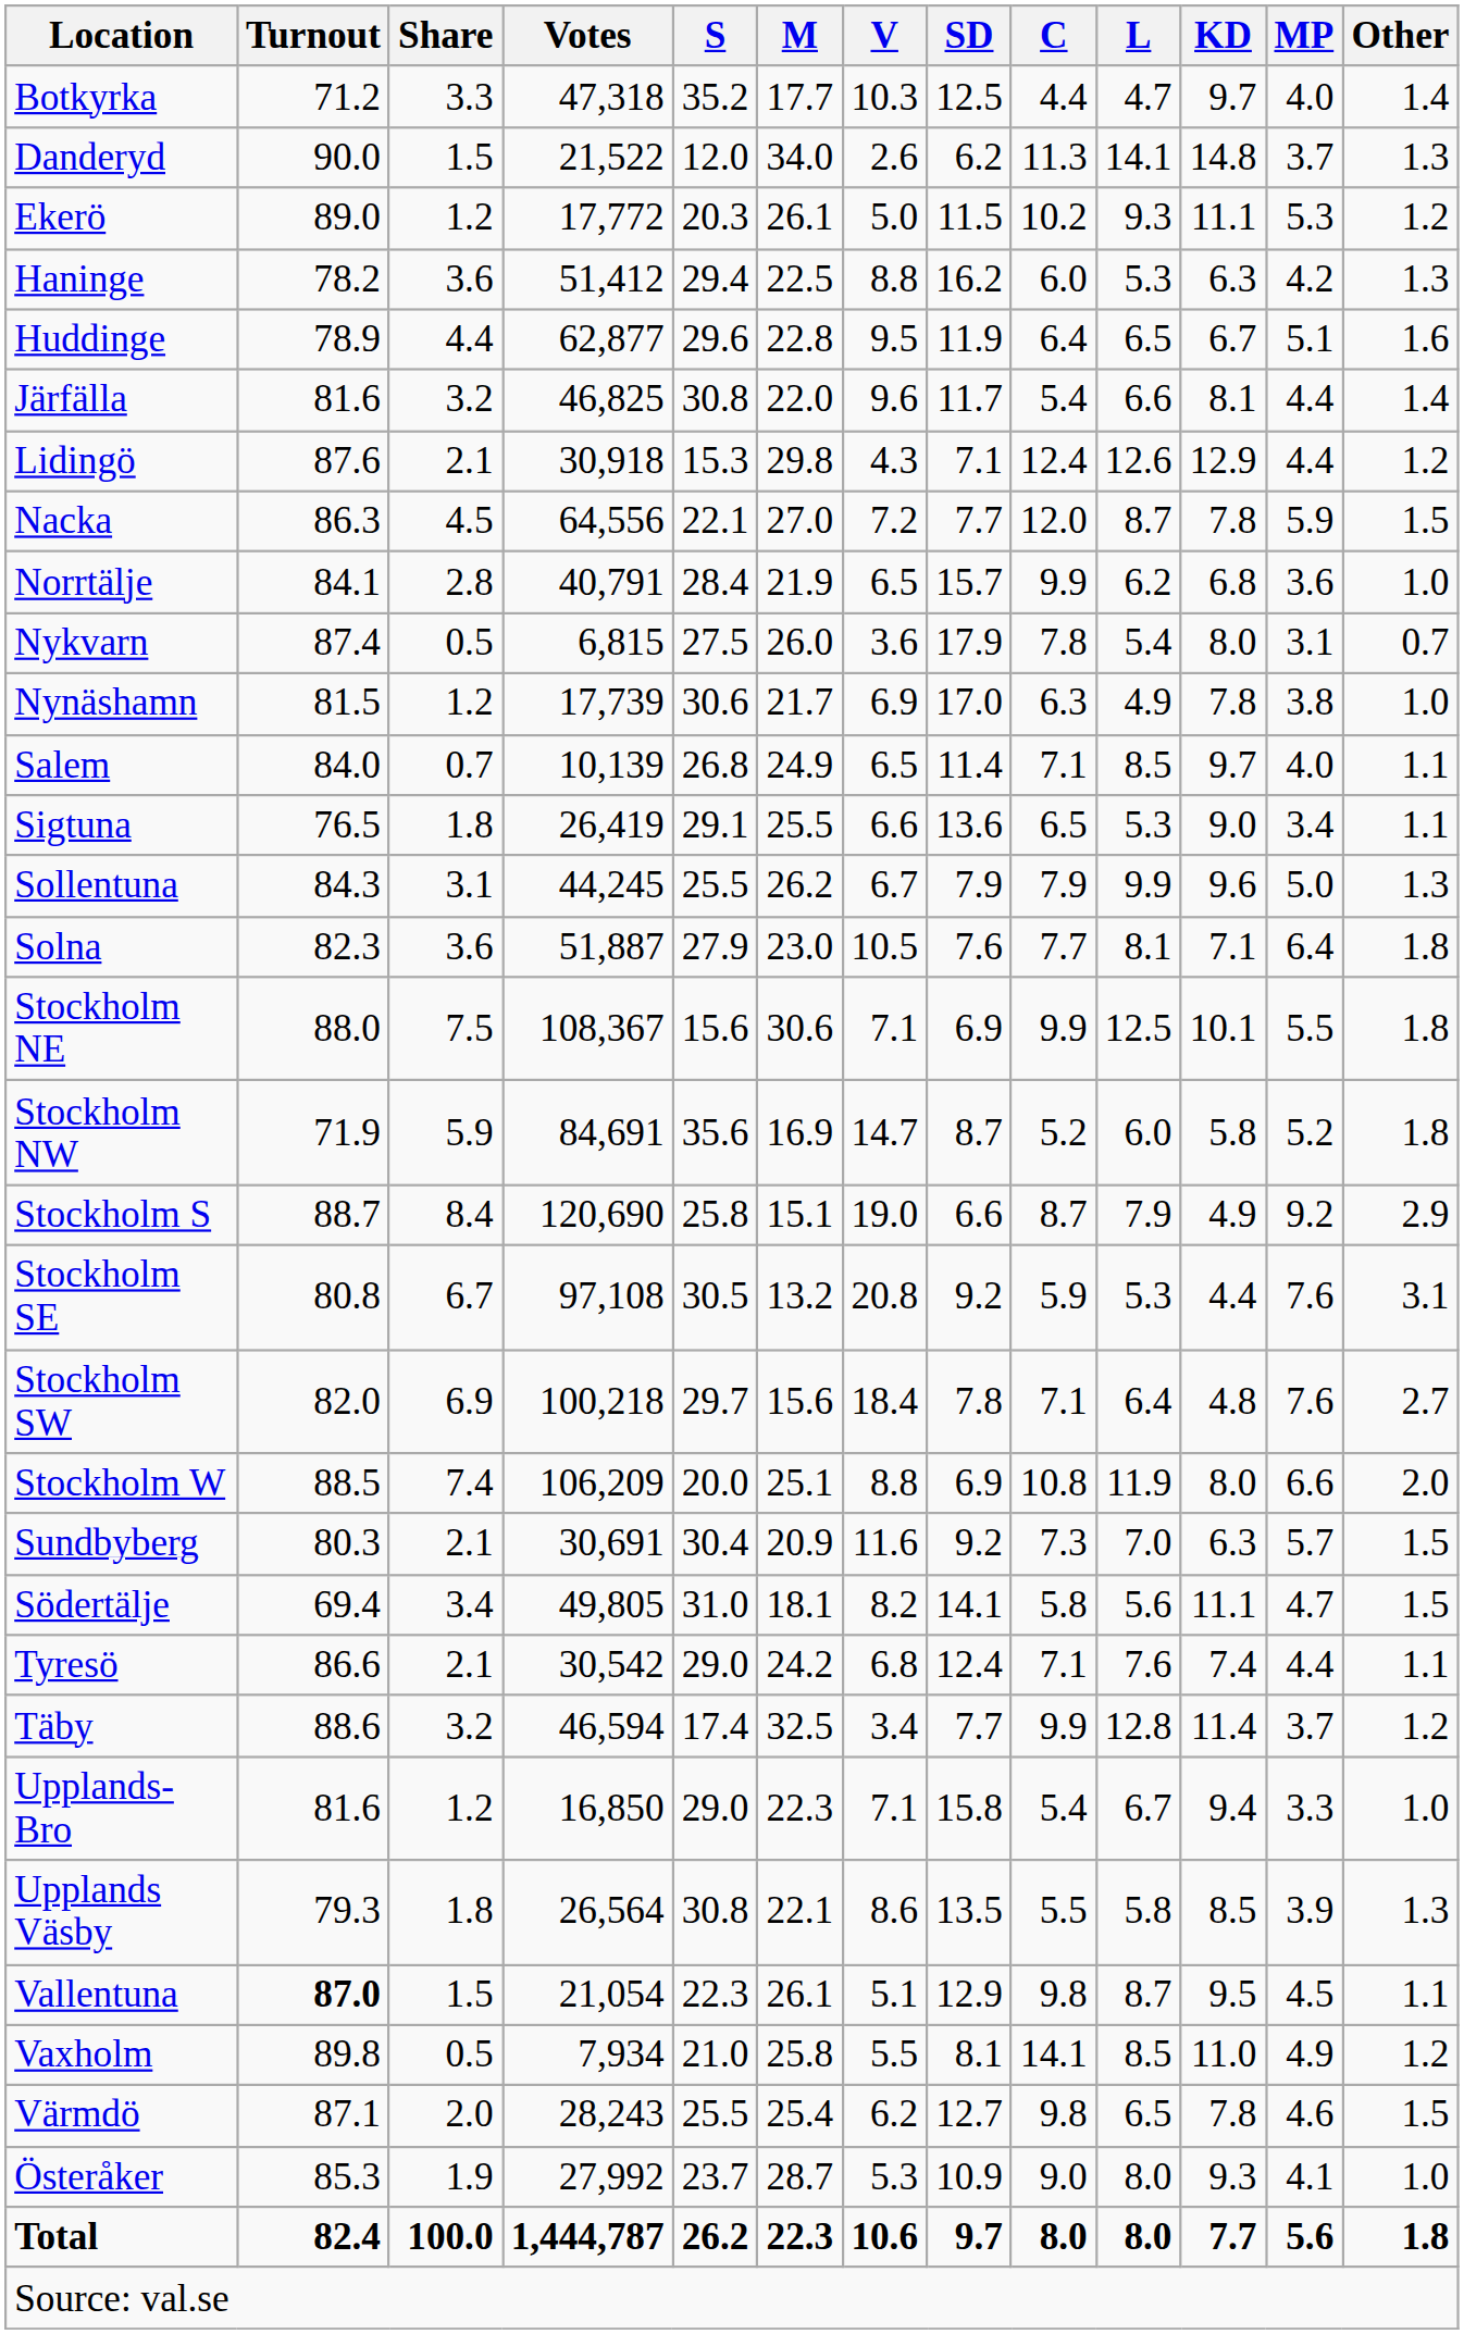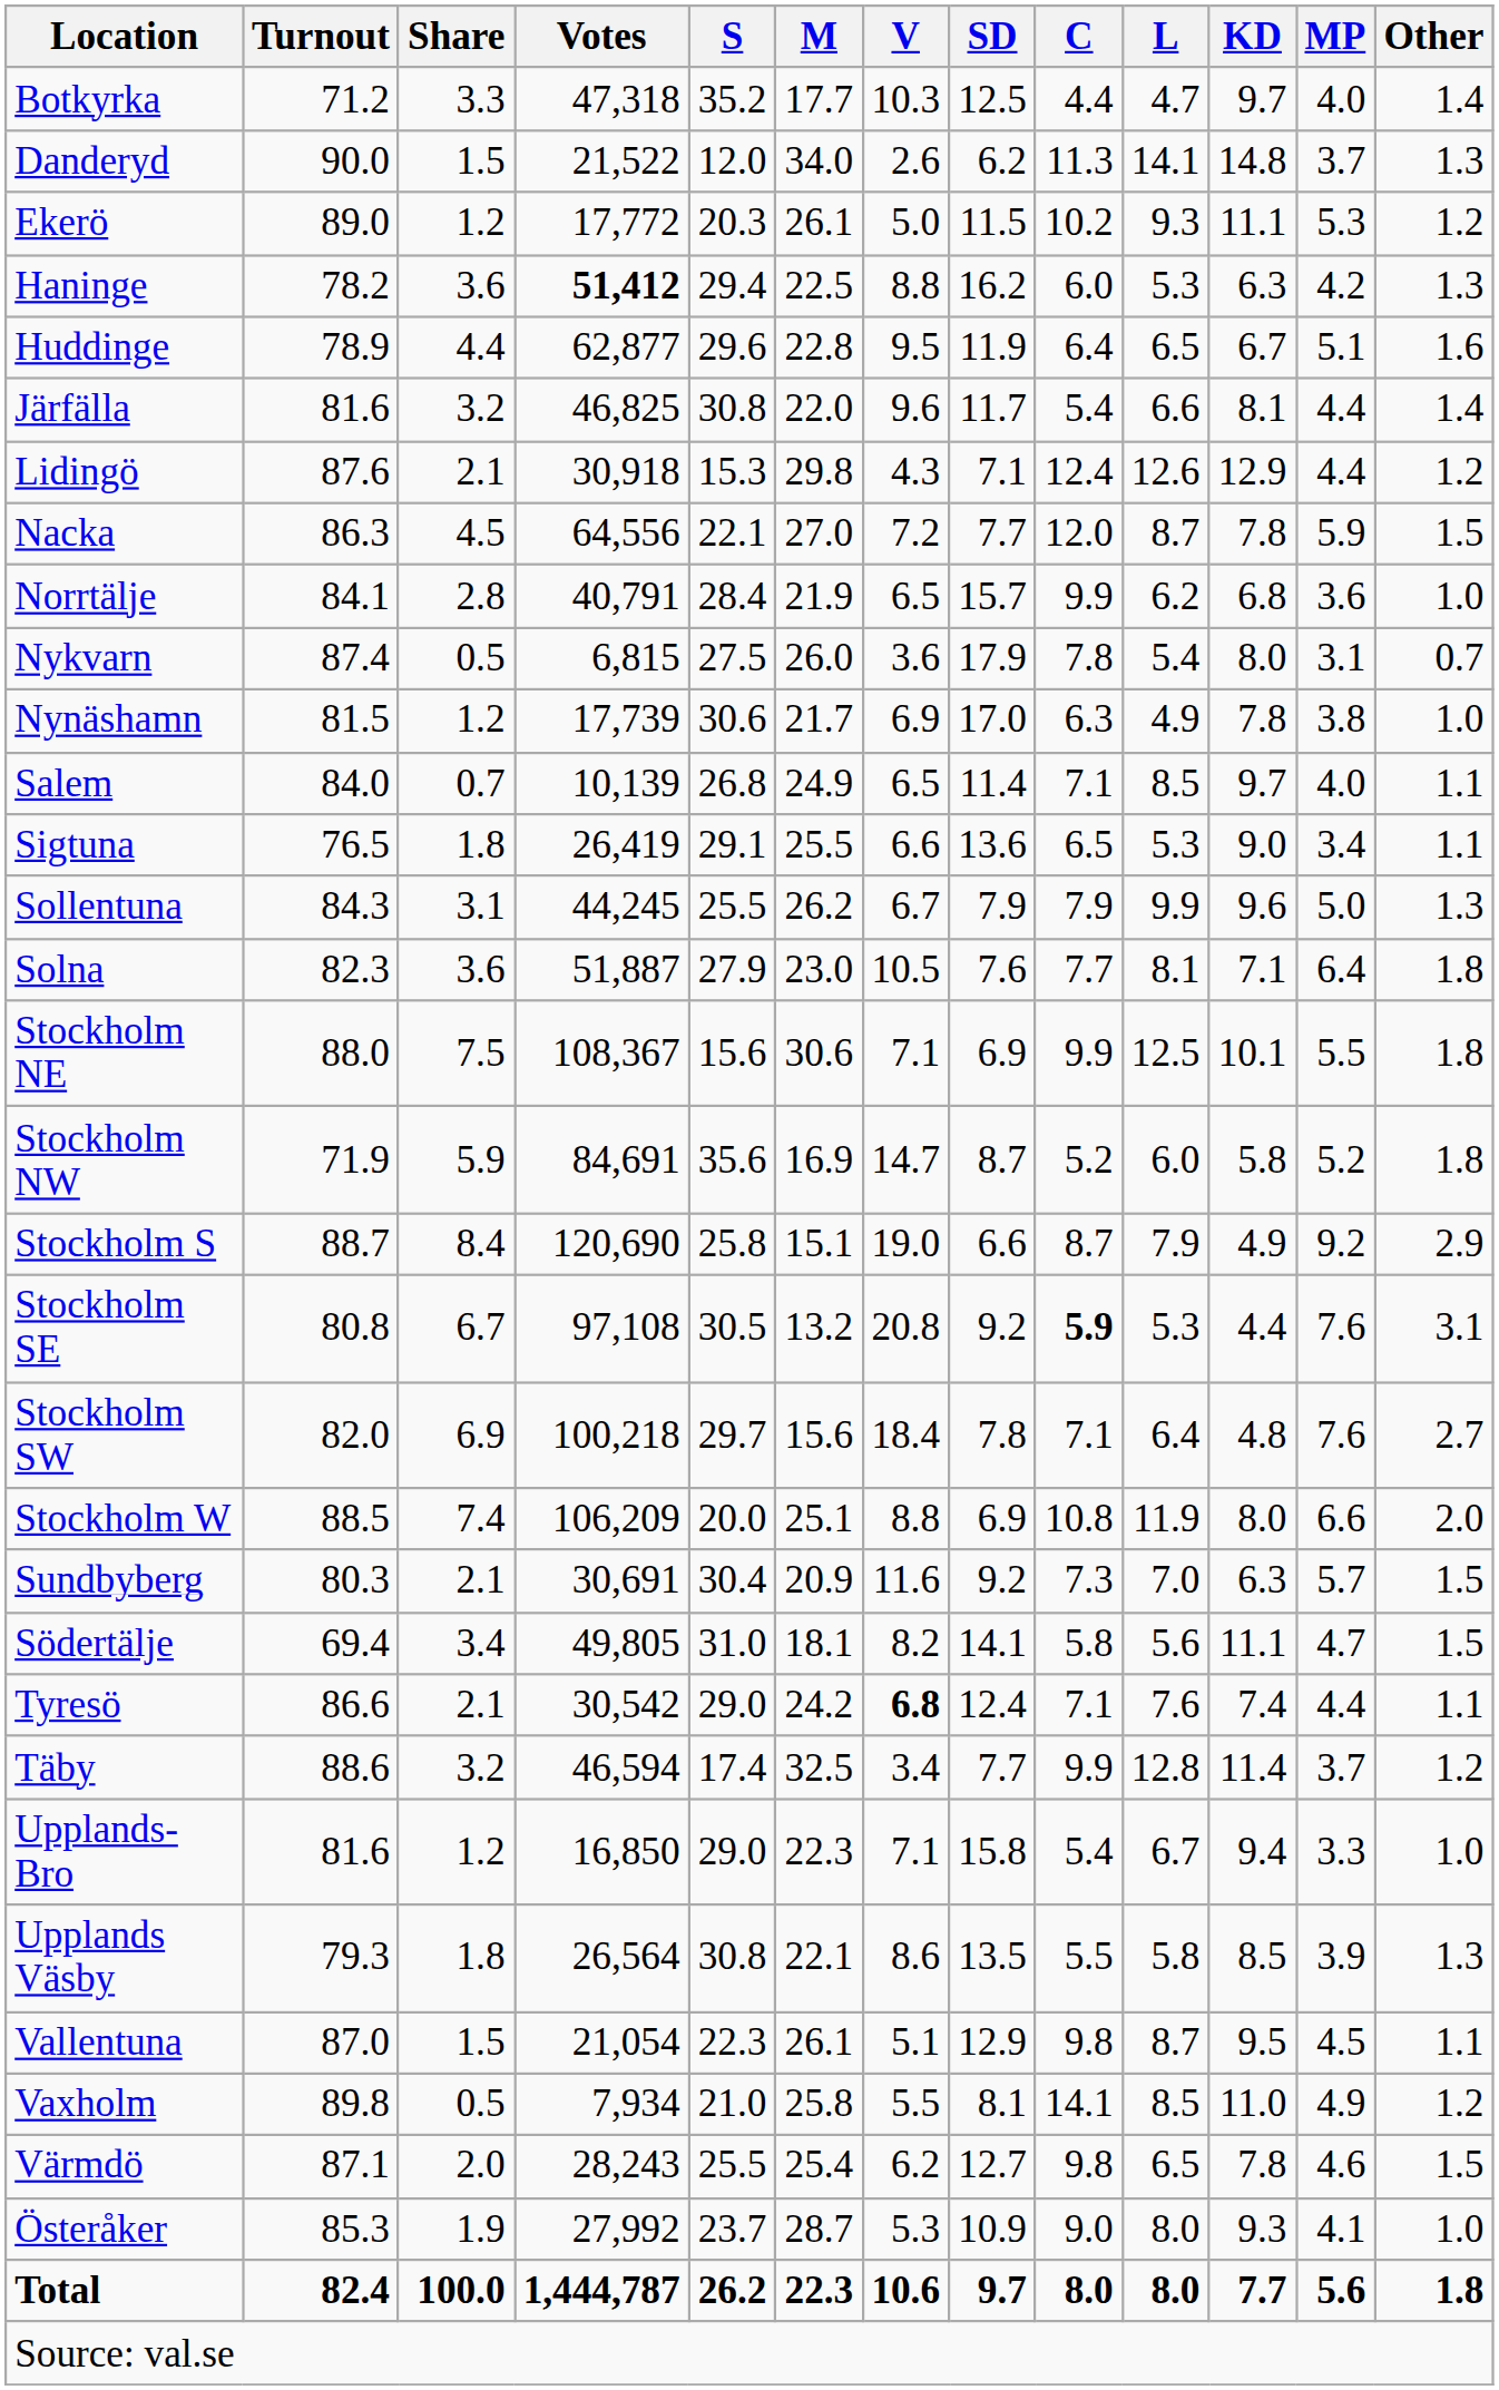 <table class="wikitable sortable" style=text-align:right>
 <tr>
 <th>Location</th>
 <th>Turnout</th>
 <th>Share</th>
 <th>Votes</th>
 <th><a href='#'>S</a></th>
 <th><a href='#'>M</a></th>
 <th><a href='#'>V</a></th>
 <th><a href='#'>SD</a></th>
 <th><a href='#'>C</a></th>
 <th><a href='#'>L</a></th>
 <th><a href='#'>KD</a></th>
 <th><a href='#'>MP</a></th>
 <th>Other</th>
 </tr>
 <tr>
 <td align=left><a href='#'>Botkyrka</a></td>
 <td>71.2</td>
 <td>3.3</td>
 <td>47,318</td>
 <td>35.2</td>
 <td>17.7</td>
 <td>10.3</td>
 <td>12.5</td>
 <td>4.4</td>
 <td>4.7</td>
 <td>9.7</td>
 <td>4.0</td>
 <td>1.4</td>
 </tr>
 <tr>
 <td align=left><a href='#'>Danderyd</a></td>
 <td>90.0</td>
 <td>1.5</td>
 <td>21,522</td>
 <td>12.0</td>
 <td>34.0</td>
 <td>2.6</td>
 <td>6.2</td>
 <td>11.3</td>
 <td>14.1</td>
 <td>14.8</td>
 <td>3.7</td>
 <td>1.3</td>
 </tr>
 <tr>
 <td align=left><a href='#'>Ekerö</a></td>
 <td>89.0</td>
 <td>1.2</td>
 <td>17,772</td>
 <td>20.3</td>
 <td>26.1</td>
 <td>5.0</td>
 <td>11.5</td>
 <td>10.2</td>
 <td>9.3</td>
 <td>11.1</td>
 <td>5.3</td>
 <td>1.2</td>
 </tr>
 <tr>
 <td align=left><a href='#'>Haninge</a></td>
 <td>78.2</td>
 <td>3.6</td>
-<td>51,412</td>
+<td><strong>51,412</strong></td>
 <td>29.4</td>
 <td>22.5</td>
 <td>8.8</td>
 <td>16.2</td>
 <td>6.0</td>
 <td>5.3</td>
 <td>6.3</td>
 <td>4.2</td>
 <td>1.3</td>
 </tr>
 <tr>
 <td align=left><a href='#'>Huddinge</a></td>
 <td>78.9</td>
 <td>4.4</td>
 <td>62,877</td>
 <td>29.6</td>
 <td>22.8</td>
 <td>9.5</td>
 <td>11.9</td>
 <td>6.4</td>
 <td>6.5</td>
 <td>6.7</td>
 <td>5.1</td>
 <td>1.6</td>
 </tr>
 <tr>
 <td align=left><a href='#'>Järfälla</a></td>
 <td>81.6</td>
 <td>3.2</td>
 <td>46,825</td>
 <td>30.8</td>
 <td>22.0</td>
 <td>9.6</td>
 <td>11.7</td>
 <td>5.4</td>
 <td>6.6</td>
 <td>8.1</td>
 <td>4.4</td>
 <td>1.4</td>
 </tr>
 <tr>
 <td align=left><a href='#'>Lidingö</a></td>
 <td>87.6</td>
 <td>2.1</td>
 <td>30,918</td>
 <td>15.3</td>
 <td>29.8</td>
 <td>4.3</td>
 <td>7.1</td>
 <td>12.4</td>
 <td>12.6</td>
 <td>12.9</td>
 <td>4.4</td>
 <td>1.2</td>
 </tr>
 <tr>
 <td align=left><a href='#'>Nacka</a></td>
 <td>86.3</td>
 <td>4.5</td>
 <td>64,556</td>
 <td>22.1</td>
 <td>27.0</td>
 <td>7.2</td>
 <td>7.7</td>
 <td>12.0</td>
 <td>8.7</td>
 <td>7.8</td>
 <td>5.9</td>
 <td>1.5</td>
 </tr>
 <tr>
 <td align=left><a href='#'>Norrtälje</a></td>
 <td>84.1</td>
 <td>2.8</td>
 <td>40,791</td>
 <td>28.4</td>
 <td>21.9</td>
 <td>6.5</td>
 <td>15.7</td>
 <td>9.9</td>
 <td>6.2</td>
 <td>6.8</td>
 <td>3.6</td>
 <td>1.0</td>
 </tr>
 <tr>
 <td align=left><a href='#'>Nykvarn</a></td>
 <td>87.4</td>
 <td>0.5</td>
 <td>6,815</td>
 <td>27.5</td>
 <td>26.0</td>
 <td>3.6</td>
 <td>17.9</td>
 <td>7.8</td>
 <td>5.4</td>
 <td>8.0</td>
 <td>3.1</td>
 <td>0.7</td>
 </tr>
 <tr>
 <td align=left><a href='#'>Nynäshamn</a></td>
 <td>81.5</td>
 <td>1.2</td>
 <td>17,739</td>
 <td>30.6</td>
 <td>21.7</td>
 <td>6.9</td>
 <td>17.0</td>
 <td>6.3</td>
 <td>4.9</td>
 <td>7.8</td>
 <td>3.8</td>
 <td>1.0</td>
 </tr>
 <tr>
 <td align=left><a href='#'>Salem</a></td>
 <td>84.0</td>
 <td>0.7</td>
 <td>10,139</td>
 <td>26.8</td>
 <td>24.9</td>
 <td>6.5</td>
 <td>11.4</td>
 <td>7.1</td>
 <td>8.5</td>
 <td>9.7</td>
 <td>4.0</td>
 <td>1.1</td>
 </tr>
 <tr>
 <td align=left><a href='#'>Sigtuna</a></td>
 <td>76.5</td>
 <td>1.8</td>
 <td>26,419</td>
 <td>29.1</td>
 <td>25.5</td>
 <td>6.6</td>
 <td>13.6</td>
 <td>6.5</td>
 <td>5.3</td>
 <td>9.0</td>
 <td>3.4</td>
 <td>1.1</td>
 </tr>
 <tr>
 <td align=left><a href='#'>Sollentuna</a></td>
 <td>84.3</td>
 <td>3.1</td>
 <td>44,245</td>
 <td>25.5</td>
 <td>26.2</td>
 <td>6.7</td>
 <td>7.9</td>
 <td>7.9</td>
 <td>9.9</td>
 <td>9.6</td>
 <td>5.0</td>
 <td>1.3</td>
 </tr>
 <tr>
 <td align=left><a href='#'>Solna</a></td>
 <td>82.3</td>
 <td>3.6</td>
 <td>51,887</td>
 <td>27.9</td>
 <td>23.0</td>
 <td>10.5</td>
 <td>7.6</td>
 <td>7.7</td>
 <td>8.1</td>
 <td>7.1</td>
 <td>6.4</td>
 <td>1.8</td>
 </tr>
 <tr>
 <td align=left><a href='#'>Stockholm NE</a></td>
 <td>88.0</td>
 <td>7.5</td>
 <td>108,367</td>
 <td>15.6</td>
 <td>30.6</td>
 <td>7.1</td>
 <td>6.9</td>
 <td>9.9</td>
 <td>12.5</td>
 <td>10.1</td>
 <td>5.5</td>
 <td>1.8</td>
 </tr>
 <tr>
 <td align=left><a href='#'>Stockholm NW</a></td>
 <td>71.9</td>
 <td>5.9</td>
 <td>84,691</td>
 <td>35.6</td>
 <td>16.9</td>
 <td>14.7</td>
 <td>8.7</td>
 <td>5.2</td>
 <td>6.0</td>
 <td>5.8</td>
 <td>5.2</td>
 <td>1.8</td>
 </tr>
 <tr>
 <td align=left><a href='#'>Stockholm S</a></td>
 <td>88.7</td>
 <td>8.4</td>
 <td>120,690</td>
 <td>25.8</td>
 <td>15.1</td>
 <td>19.0</td>
 <td>6.6</td>
 <td>8.7</td>
 <td>7.9</td>
 <td>4.9</td>
 <td>9.2</td>
 <td>2.9</td>
 </tr>
 <tr>
 <td align=left><a href='#'>Stockholm SE</a></td>
 <td>80.8</td>
 <td>6.7</td>
 <td>97,108</td>
 <td>30.5</td>
 <td>13.2</td>
 <td>20.8</td>
 <td>9.2</td>
-<td>5.9</td>
+<td><strong>5.9</strong></td>
 <td>5.3</td>
 <td>4.4</td>
 <td>7.6</td>
 <td>3.1</td>
 </tr>
 <tr>
 <td align=left><a href='#'>Stockholm SW</a></td>
 <td>82.0</td>
 <td>6.9</td>
 <td>100,218</td>
 <td>29.7</td>
 <td>15.6</td>
 <td>18.4</td>
 <td>7.8</td>
 <td>7.1</td>
 <td>6.4</td>
 <td>4.8</td>
 <td>7.6</td>
 <td>2.7</td>
 </tr>
 <tr>
 <td align=left><a href='#'>Stockholm W</a></td>
 <td>88.5</td>
 <td>7.4</td>
 <td>106,209</td>
 <td>20.0</td>
 <td>25.1</td>
 <td>8.8</td>
 <td>6.9</td>
 <td>10.8</td>
 <td>11.9</td>
 <td>8.0</td>
 <td>6.6</td>
 <td>2.0</td>
 </tr>
 <tr>
 <td align=left><a href='#'>Sundbyberg</a></td>
 <td>80.3</td>
 <td>2.1</td>
 <td>30,691</td>
 <td>30.4</td>
 <td>20.9</td>
 <td>11.6</td>
 <td>9.2</td>
 <td>7.3</td>
 <td>7.0</td>
 <td>6.3</td>
 <td>5.7</td>
 <td>1.5</td>
 </tr>
 <tr>
 <td align=left><a href='#'>Södertälje</a></td>
 <td>69.4</td>
 <td>3.4</td>
 <td>49,805</td>
 <td>31.0</td>
 <td>18.1</td>
 <td>8.2</td>
 <td>14.1</td>
 <td>5.8</td>
 <td>5.6</td>
 <td>11.1</td>
 <td>4.7</td>
 <td>1.5</td>
 </tr>
 <tr>
 <td align=left><a href='#'>Tyresö</a></td>
 <td>86.6</td>
 <td>2.1</td>
 <td>30,542</td>
 <td>29.0</td>
 <td>24.2</td>
-<td>6.8</td>
+<td><strong>6.8</strong></td>
 <td>12.4</td>
 <td>7.1</td>
 <td>7.6</td>
 <td>7.4</td>
 <td>4.4</td>
 <td>1.1</td>
 </tr>
 <tr>
 <td align=left><a href='#'>Täby</a></td>
 <td>88.6</td>
 <td>3.2</td>
 <td>46,594</td>
 <td>17.4</td>
 <td>32.5</td>
 <td>3.4</td>
 <td>7.7</td>
 <td>9.9</td>
 <td>12.8</td>
 <td>11.4</td>
 <td>3.7</td>
 <td>1.2</td>
 </tr>
 <tr>
 <td align=left><a href='#'>Upplands-Bro</a></td>
 <td>81.6</td>
 <td>1.2</td>
 <td>16,850</td>
 <td>29.0</td>
 <td>22.3</td>
 <td>7.1</td>
 <td>15.8</td>
 <td>5.4</td>
 <td>6.7</td>
 <td>9.4</td>
 <td>3.3</td>
 <td>1.0</td>
 </tr>
 <tr>
 <td align=left><a href='#'>Upplands Väsby</a></td>
 <td>79.3</td>
 <td>1.8</td>
 <td>26,564</td>
 <td>30.8</td>
 <td>22.1</td>
 <td>8.6</td>
 <td>13.5</td>
 <td>5.5</td>
 <td>5.8</td>
 <td>8.5</td>
 <td>3.9</td>
 <td>1.3</td>
 </tr>
 <tr>
 <td align=left><a href='#'>Vallentuna</a></td>
-<td><strong>87.0</strong></td>
+<td>87.0</td>
 <td>1.5</td>
 <td>21,054</td>
 <td>22.3</td>
 <td>26.1</td>
 <td>5.1</td>
 <td>12.9</td>
 <td>9.8</td>
 <td>8.7</td>
 <td>9.5</td>
 <td>4.5</td>
 <td>1.1</td>
 </tr>
 <tr>
 <td align=left><a href='#'>Vaxholm</a></td>
 <td>89.8</td>
 <td>0.5</td>
 <td>7,934</td>
 <td>21.0</td>
 <td>25.8</td>
 <td>5.5</td>
 <td>8.1</td>
 <td>14.1</td>
 <td>8.5</td>
 <td>11.0</td>
 <td>4.9</td>
 <td>1.2</td>
 </tr>
 <tr>
 <td align=left><a href='#'>Värmdö</a></td>
 <td>87.1</td>
 <td>2.0</td>
 <td>28,243</td>
 <td>25.5</td>
 <td>25.4</td>
 <td>6.2</td>
 <td>12.7</td>
 <td>9.8</td>
 <td>6.5</td>
 <td>7.8</td>
 <td>4.6</td>
 <td>1.5</td>
 </tr>
 <tr>
 <td align=left><a href='#'>Österåker</a></td>
 <td>85.3</td>
 <td>1.9</td>
 <td>27,992</td>
 <td>23.7</td>
 <td>28.7</td>
 <td>5.3</td>
 <td>10.9</td>
 <td>9.0</td>
 <td>8.0</td>
 <td>9.3</td>
 <td>4.1</td>
 <td>1.0</td>
 </tr>
 <tr>
 <td align=left><strong>Total</strong></td>
 <td><strong>82.4</strong></td>
 <td><strong>100.0</strong></td>
 <td><strong>1,444,787</strong></td>
 <td><strong>26.2</strong></td>
 <td><strong>22.3</strong></td>
 <td><strong>10.6</strong></td>
 <td><strong>9.7</strong></td>
 <td><strong>8.0</strong></td>
 <td><strong>8.0</strong></td>
 <td><strong>7.7</strong></td>
 <td><strong>5.6</strong></td>
 <td><strong>1.8</strong></td>
 </tr>
 <tr>
 <td align=left colspan=13>Source: val.se</td>
 </tr>
 </table>
